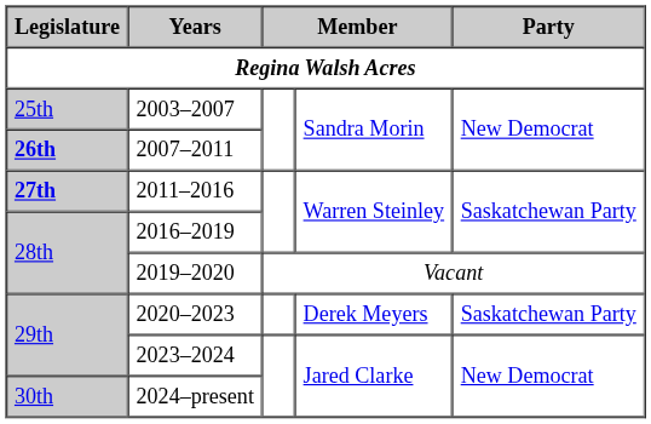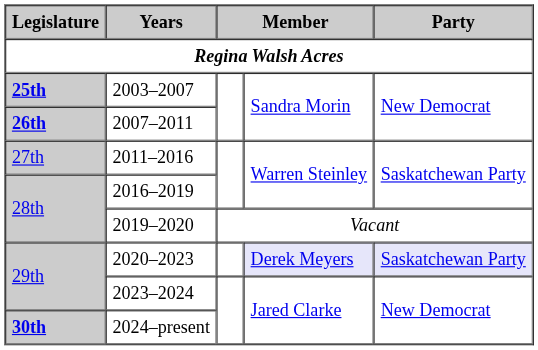 <table border=1 cellpadding=5 cellspacing=0>
 <tr bgcolor="CCCCCC">
 <th>Legislature</th>
 <th>Years</th>
 <th colspan="2">Member</th>
 <th>Party</th>
 </tr>
 <tr>
 <td colspan="5" align="center"><strong><em>Regina Walsh Acres</em></strong></td>
 </tr>
 <tr>
-<td bgcolor="CCCCCC"><a href='#'>25th</a></td>
+<td bgcolor="CCCCCC"><strong><a href='#'>25th</a></strong></td>
 <td>2003–2007</td>
 <td rowspan="2" >   </td>
 <td rowspan="2"><a href='#'>Sandra Morin</a></td>
 <td rowspan="2"><a href='#'>New Democrat</a></td>
 </tr>
 <tr>
 <td bgcolor="CCCCCC"><strong><a href='#'>26th</a></strong></td>
 <td>2007–2011</td>
 </tr>
 <tr>
-<td bgcolor="CCCCCC"><strong><a href='#'>27th</a></strong></td>
+<td bgcolor="CCCCCC"><a href='#'>27th</a></td>
 <td>2011–2016</td>
 <td rowspan="2" >   </td>
 <td rowspan="2"><a href='#'>Warren Steinley</a></td>
 <td rowspan="2"><a href='#'>Saskatchewan Party</a></td>
 </tr>
 <tr>
 <td bgcolor="CCCCCC" rowspan="2"><a href='#'>28th</a></td>
 <td>2016–2019</td>
 </tr>
 <tr>
 <td>2019–2020</td>
 <td colspan="3" align="center"><em>Vacant</em></td>
 </tr>
 <tr>
 <td bgcolor="CCCCCC" rowspan="2"><a href='#'>29th</a></td>
 <td>2020–2023</td>
 <td>   </td>
-<td><a href='#'>Derek Meyers</a></td>
-<td><a href='#'>Saskatchewan Party</a></td>
+<td style="background: lavender;"><a href='#'>Derek Meyers</a></td>
+<td style="background: lavender;"><a href='#'>Saskatchewan Party</a></td>
 </tr>
 <tr>
 <td>2023–2024</td>
 <td rowspan="2" >   </td>
 <td rowspan="2"><a href='#'>Jared Clarke</a></td>
 <td rowspan="2"><a href='#'>New Democrat</a></td>
 </tr>
 <tr>
-<td bgcolor="CCCCCC"><a href='#'>30th</a></td>
+<td bgcolor="CCCCCC"><strong><a href='#'>30th</a></strong></td>
 <td>2024–present</td>
 </tr>
 </table>
